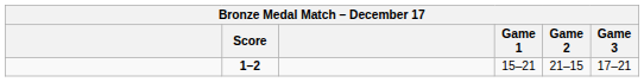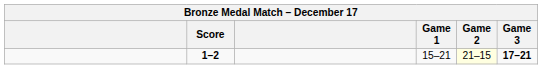 <table class="wikitable" style="text-align: center; font-size:90% ">
 <tr>
 <th colspan=6>Bronze Medal Match – December 17</th>
 </tr>
 <tr>
 <th align="right" width="250"></th>
 <th width="60">Score</th>
 <th align="left" width="250"></th>
 <th width="50">Game 1</th>
 <th width="50">Game 2</th>
 <th width="50">Game 3</th>
 </tr>
 <tr>
 <td align=left> <br></td>
 <td align=center><strong>1–2</strong></td>
 <td align=left><strong><br></strong></td>
 <td>15–21</td>
-<td>21–15</td>
-<td>17–21</td>
+<td style="background: lightyellow;">21–15</td>
+<td><strong>17–21</strong></td>
 </tr>
 </table>
